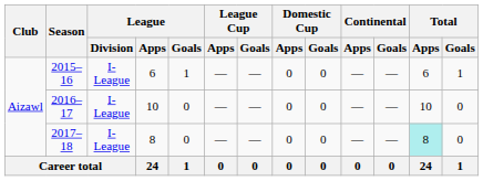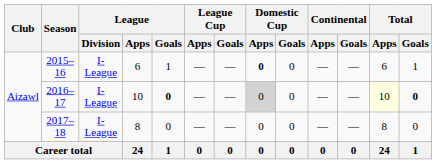 <table class="wikitable" style="text-align: center;">
 <tr>
 <th rowspan="2">Club</th>
 <th rowspan="2">Season</th>
 <th colspan="3">League</th>
 <th colspan="2">League Cup</th>
 <th colspan="2">Domestic Cup</th>
 <th colspan="2">Continental</th>
 <th colspan="2">Total</th>
 </tr>
 <tr>
 <th>Division</th>
 <th>Apps</th>
 <th>Goals</th>
 <th>Apps</th>
 <th>Goals</th>
 <th>Apps</th>
 <th>Goals</th>
 <th>Apps</th>
 <th>Goals</th>
 <th>Apps</th>
 <th>Goals</th>
 </tr>
 <tr>
 <td rowspan="3"><a href='#'>Aizawl</a></td>
 <td><a href='#'>2015–16</a></td>
 <td><a href='#'>I-League</a></td>
 <td>6</td>
 <td>1</td>
 <td>—</td>
 <td>—</td>
-<td>0</td>
+<td><strong>0</strong></td>
 <td>0</td>
 <td>—</td>
 <td>—</td>
 <td>6</td>
 <td>1</td>
 </tr>
 <tr>
 <td><a href='#'>2016–17</a></td>
 <td><a href='#'>I-League</a></td>
 <td>10</td>
+<td><strong>0</strong></td>
+<td>—</td>
+<td>—</td>
+<td style="background: lightgrey;">0</td>
 <td>0</td>
 <td>—</td>
 <td>—</td>
-<td>0</td>
-<td>0</td>
-<td>—</td>
-<td>—</td>
-<td>10</td>
-<td>0</td>
+<td style="background: lightyellow;">10</td>
+<td><strong>0</strong></td>
 </tr>
 <tr>
 <td><a href='#'>2017–18</a></td>
 <td><a href='#'>I-League</a></td>
 <td>8</td>
 <td>0</td>
 <td>—</td>
 <td>—</td>
 <td>0</td>
 <td>0</td>
 <td>—</td>
 <td>—</td>
-<td style="background: paleturquoise;">8</td>
+<td>8</td>
 <td>0</td>
 </tr>
 <tr>
 <th colspan="3">Career total</th>
 <th>24</th>
 <th>1</th>
 <th>0</th>
 <th>0</th>
 <th>0</th>
 <th>0</th>
 <th>0</th>
 <th>0</th>
 <th>24</th>
 <th>1</th>
 </tr>
 </table>
